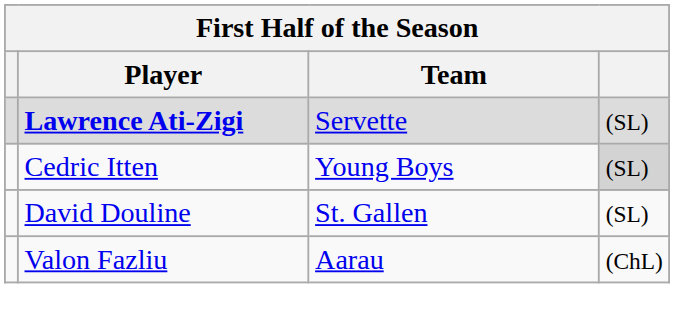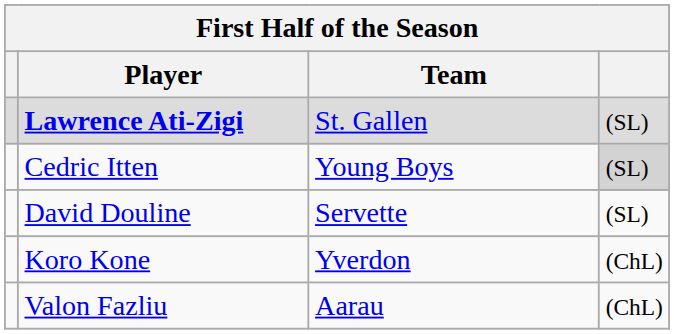 <table class="wikitable" style="text-align:left;font-size:95%">
 <tr>
 <th colspan=4>First Half of the Season</th>
 </tr>
 <tr>
 <th align=center></th>
 <th width=150>Player</th>
 <th width=150>Team</th>
 <th width=20></th>
 </tr>
 <tr style="background:#dcdcdc;">
 <td></td>
 <td><strong><a href='#'>Lawrence Ati-Zigi</a></strong></td>
-<td><a href='#'>Servette</a></td>
+<td><a href='#'>St. Gallen</a></td>
 <td><small>(SL)</small></td>
 </tr>
 <tr>
 <td></td>
 <td><a href='#'>Cedric Itten</a></td>
 <td><a href='#'>Young Boys</a></td>
 <td style="background: lightgrey;"><small>(SL)</small></td>
 </tr>
 <tr>
 <td></td>
 <td><a href='#'>David Douline</a></td>
-<td><a href='#'>St. Gallen</a></td>
+<td><a href='#'>Servette</a></td>
 <td><small>(SL)</small></td>
+</tr>
+<tr>
+<td></td>
+<td><a href='#'>Koro Kone</a></td>
+<td><a href='#'>Yverdon</a></td>
+<td><small>(ChL)</small></td>
 </tr>
 <tr>
 <td></td>
 <td><a href='#'>Valon Fazliu</a></td>
 <td><a href='#'>Aarau</a></td>
 <td><small>(ChL)</small></td>
 </tr>
 </table>
